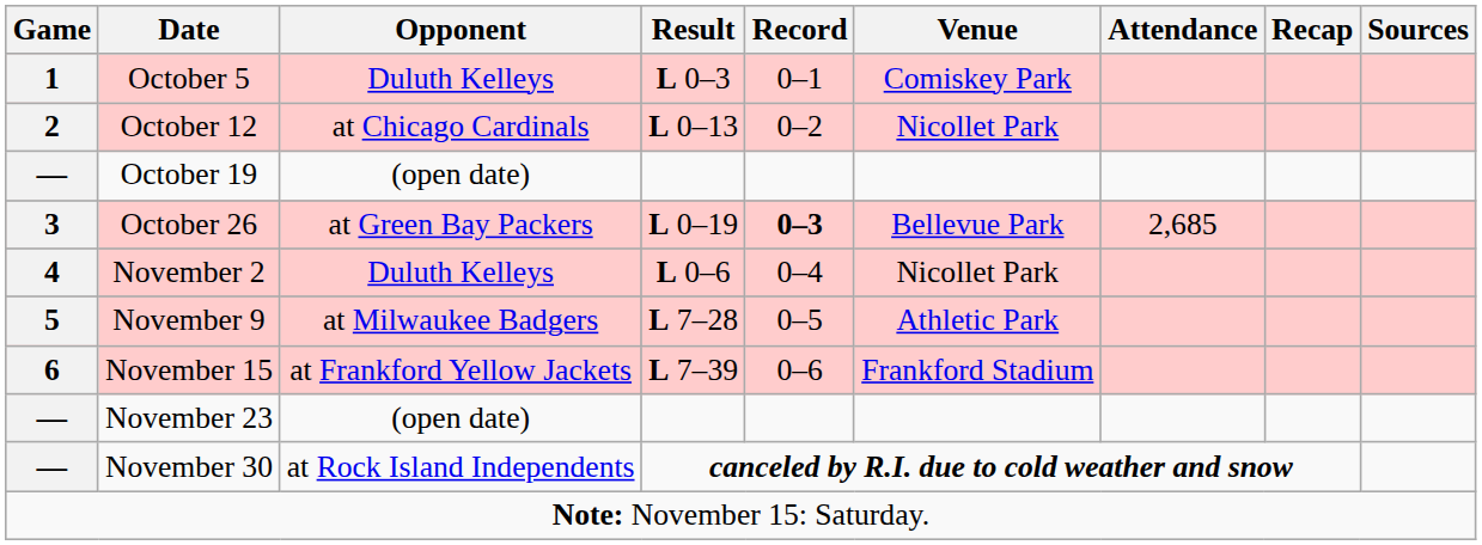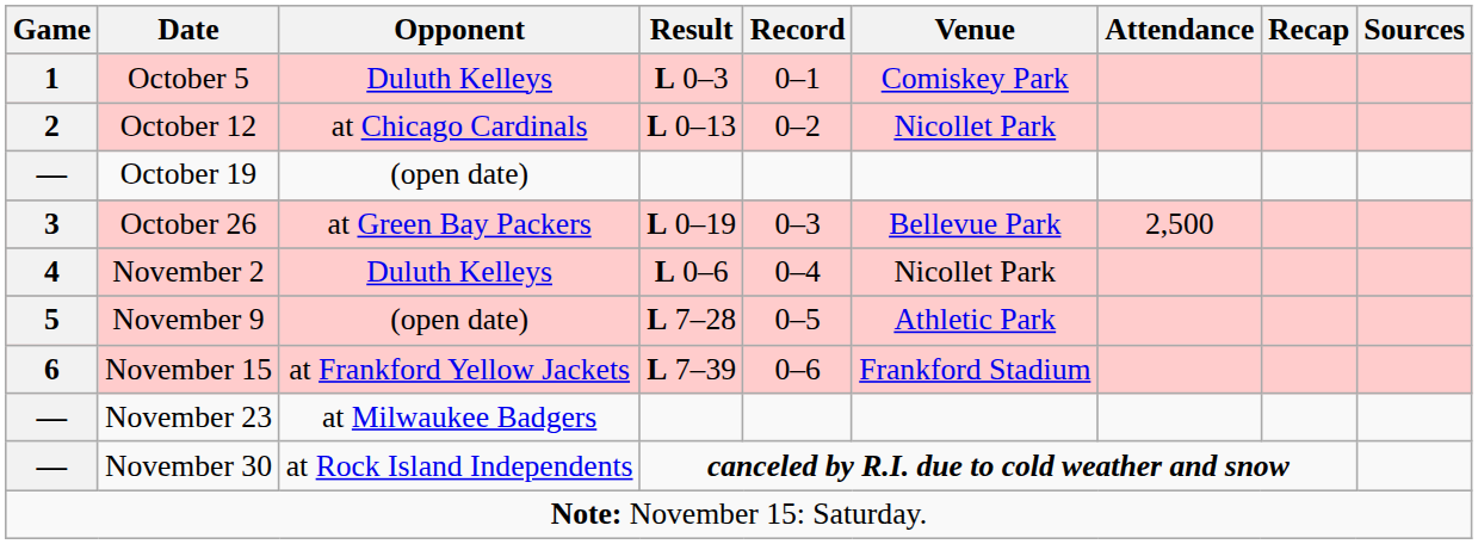 <table class="wikitable" style="text-align:center">
 <tr>
 <th>Game</th>
 <th>Date</th>
 <th>Opponent</th>
 <th>Result</th>
 <th>Record</th>
 <th>Venue</th>
 <th>Attendance</th>
 <th>Recap</th>
 <th>Sources</th>
 </tr>
 <tr style="background:#fcc">
 <th>1</th>
 <td>October 5</td>
 <td><a href='#'>Duluth Kelleys</a></td>
 <td><strong>L</strong> 0–3</td>
 <td>0–1</td>
 <td><a href='#'>Comiskey Park</a></td>
 <td></td>
 <td></td>
 <td></td>
 </tr>
 <tr style="background:#fcc">
 <th>2</th>
 <td>October 12</td>
 <td>at <a href='#'>Chicago Cardinals</a></td>
 <td><strong>L</strong> 0–13</td>
 <td>0–2</td>
 <td><a href='#'>Nicollet Park</a></td>
 <td></td>
 <td></td>
 <td></td>
 </tr>
 <tr>
 <th>—</th>
 <td>October 19</td>
 <td>(open date)</td>
 <td></td>
 <td></td>
 <td></td>
 <td></td>
 <td></td>
 <td></td>
 </tr>
 <tr style="background:#fcc">
 <th>3</th>
 <td>October 26</td>
 <td>at <a href='#'>Green Bay Packers</a></td>
 <td><strong>L</strong> 0–19</td>
-<td><strong>0–3</strong></td>
+<td>0–3</td>
 <td><a href='#'>Bellevue Park</a></td>
-<td>2,685</td>
+<td>2,500</td>
 <td></td>
 <td></td>
 </tr>
 <tr style="background:#fcc">
 <th>4</th>
 <td>November 2</td>
 <td><a href='#'>Duluth Kelleys</a></td>
 <td><strong>L</strong> 0–6</td>
 <td>0–4</td>
 <td>Nicollet Park</td>
 <td></td>
 <td></td>
 <td></td>
 </tr>
 <tr style="background:#fcc">
 <th>5</th>
 <td>November 9</td>
-<td>at <a href='#'>Milwaukee Badgers</a></td>
+<td>(open date)</td>
 <td><strong>L</strong> 7–28</td>
 <td>0–5</td>
 <td><a href='#'>Athletic Park</a></td>
 <td></td>
 <td></td>
 <td></td>
 </tr>
 <tr style="background:#fcc">
 <th>6</th>
 <td>November 15</td>
 <td>at <a href='#'>Frankford Yellow Jackets</a></td>
 <td><strong>L</strong> 7–39</td>
 <td>0–6</td>
 <td><a href='#'>Frankford Stadium</a></td>
 <td></td>
 <td></td>
 <td></td>
 </tr>
 <tr>
 <th>—</th>
 <td>November 23</td>
-<td>(open date)</td>
+<td>at <a href='#'>Milwaukee Badgers</a></td>
 <td></td>
 <td></td>
 <td></td>
 <td></td>
 <td></td>
 <td></td>
 </tr>
 <tr>
 <th>—</th>
 <td>November 30</td>
 <td>at <a href='#'>Rock Island Independents</a></td>
 <td colspan="5"><strong><em>canceled by R.I. due to cold weather and snow</em></strong></td>
 <td></td>
 </tr>
 <tr>
 <td colspan="10"><strong>Note:</strong> November 15: Saturday.</td>
 </tr>
 </table>
